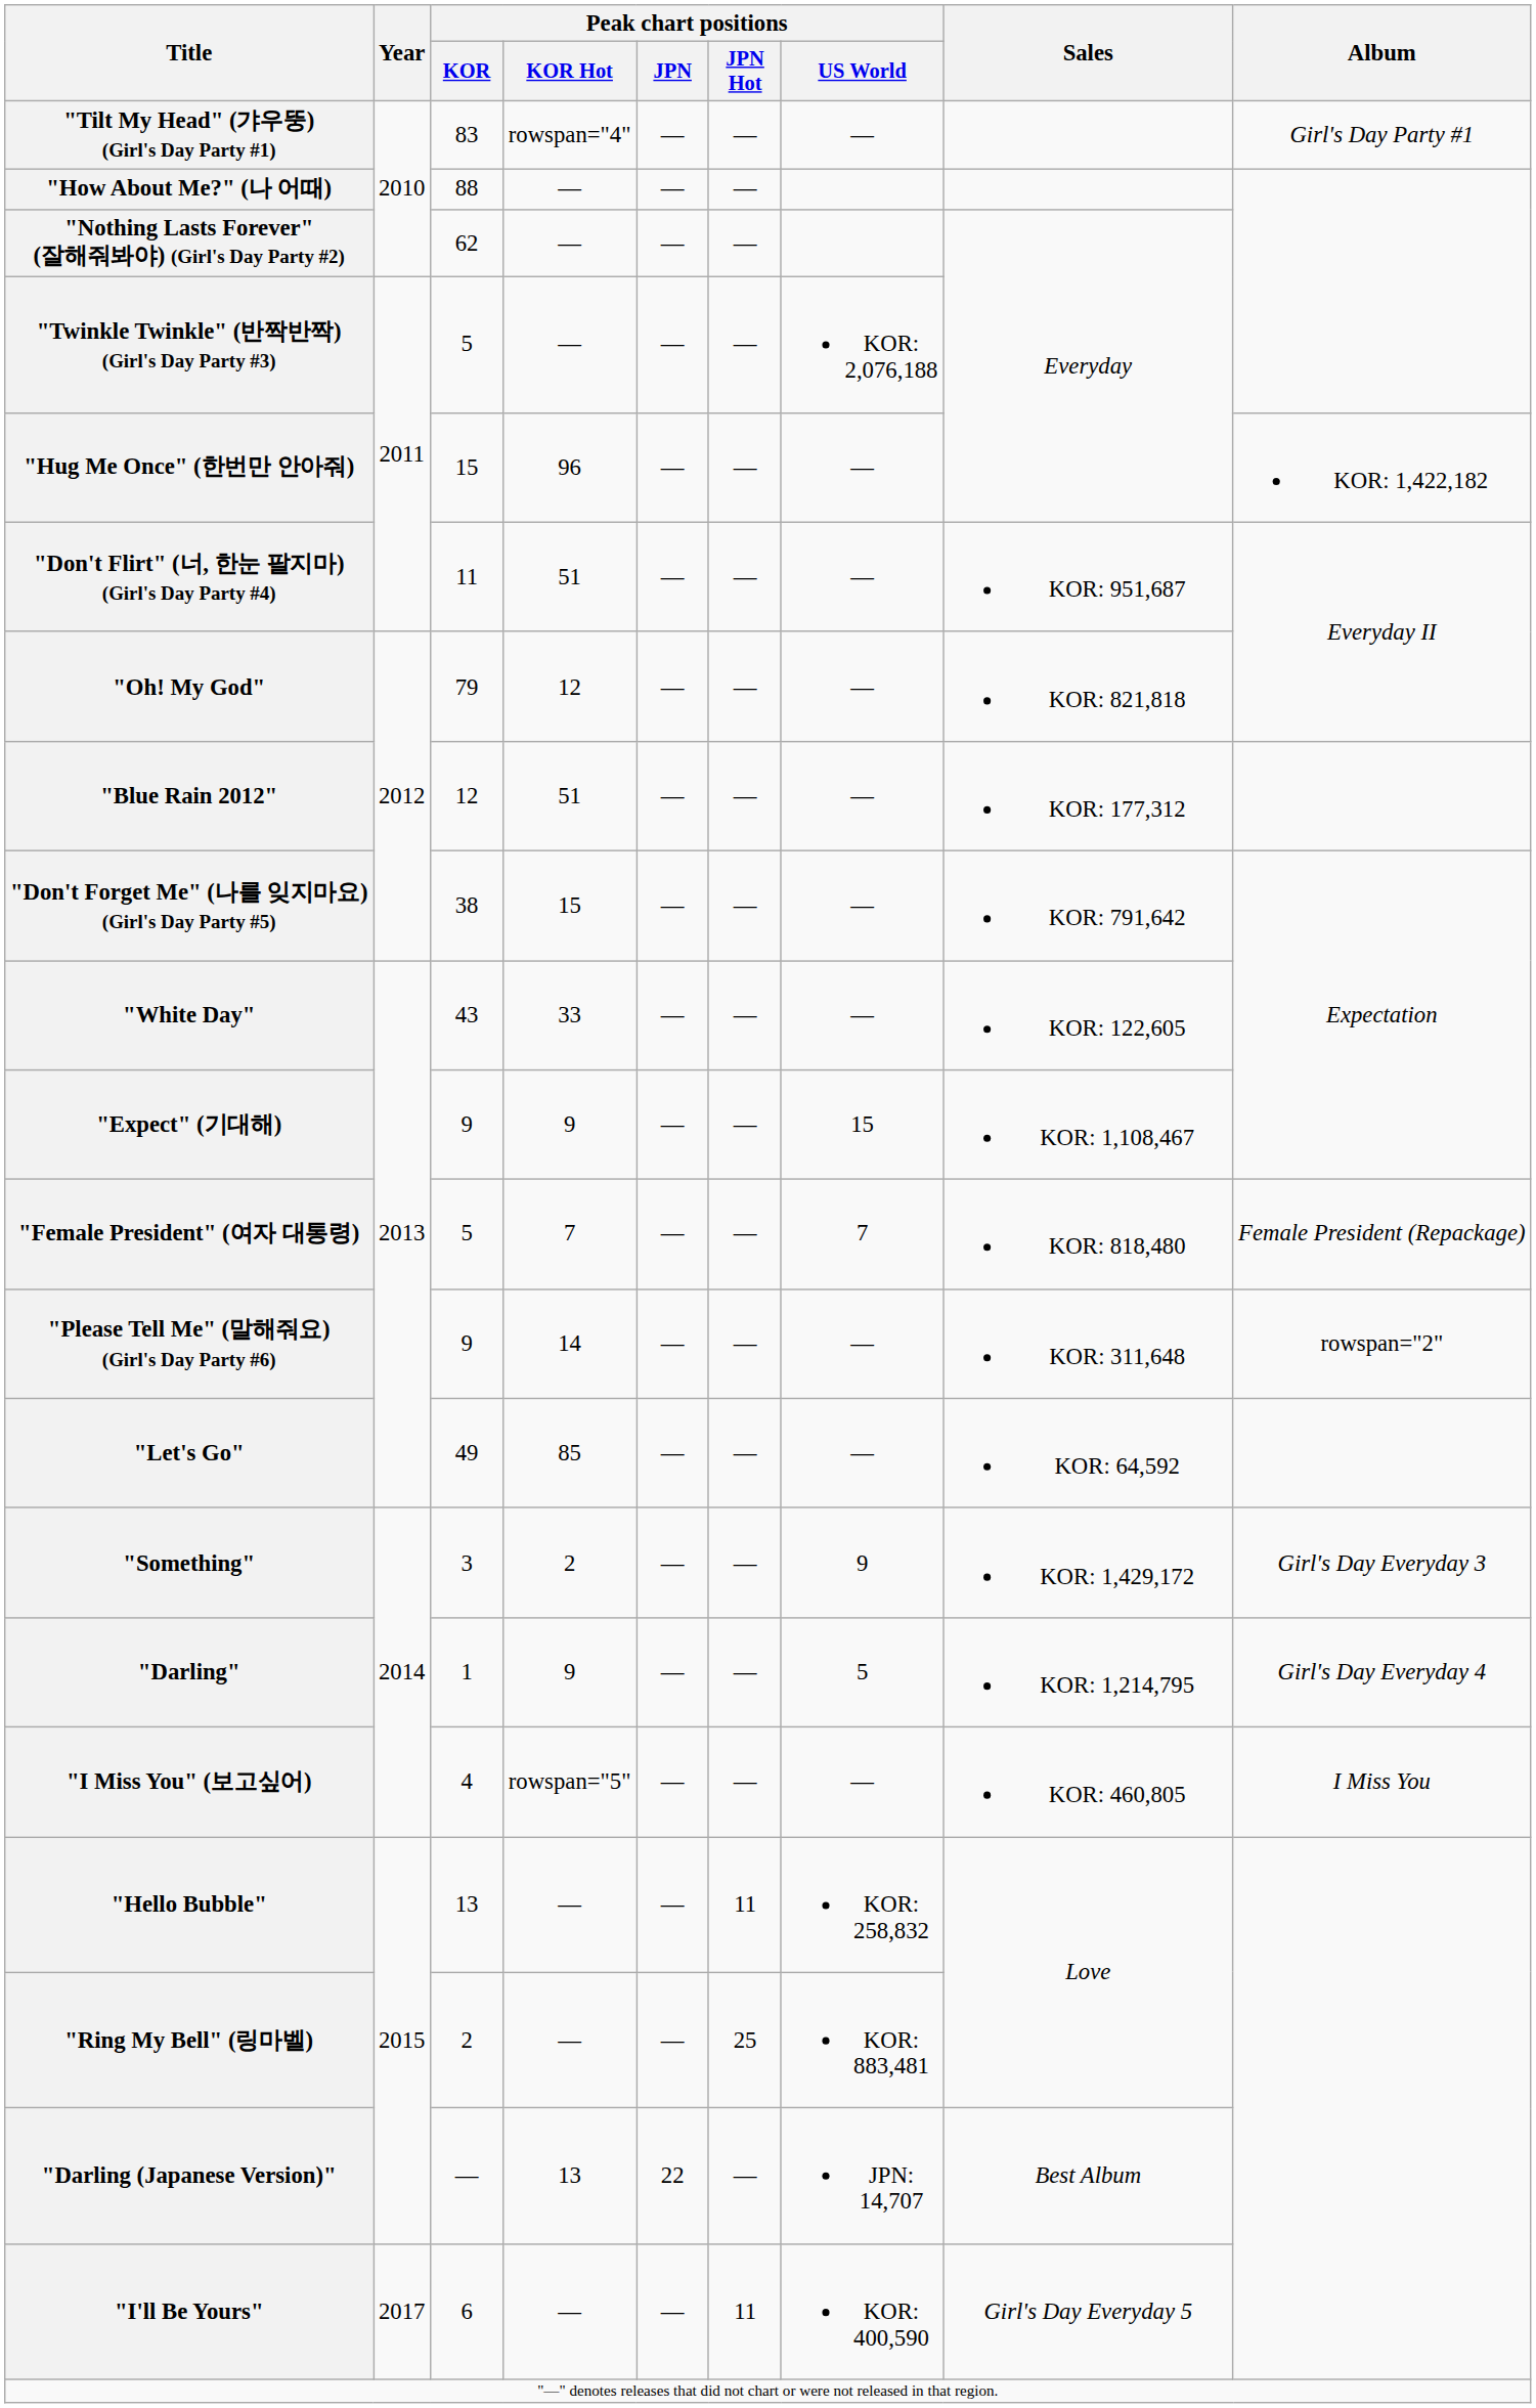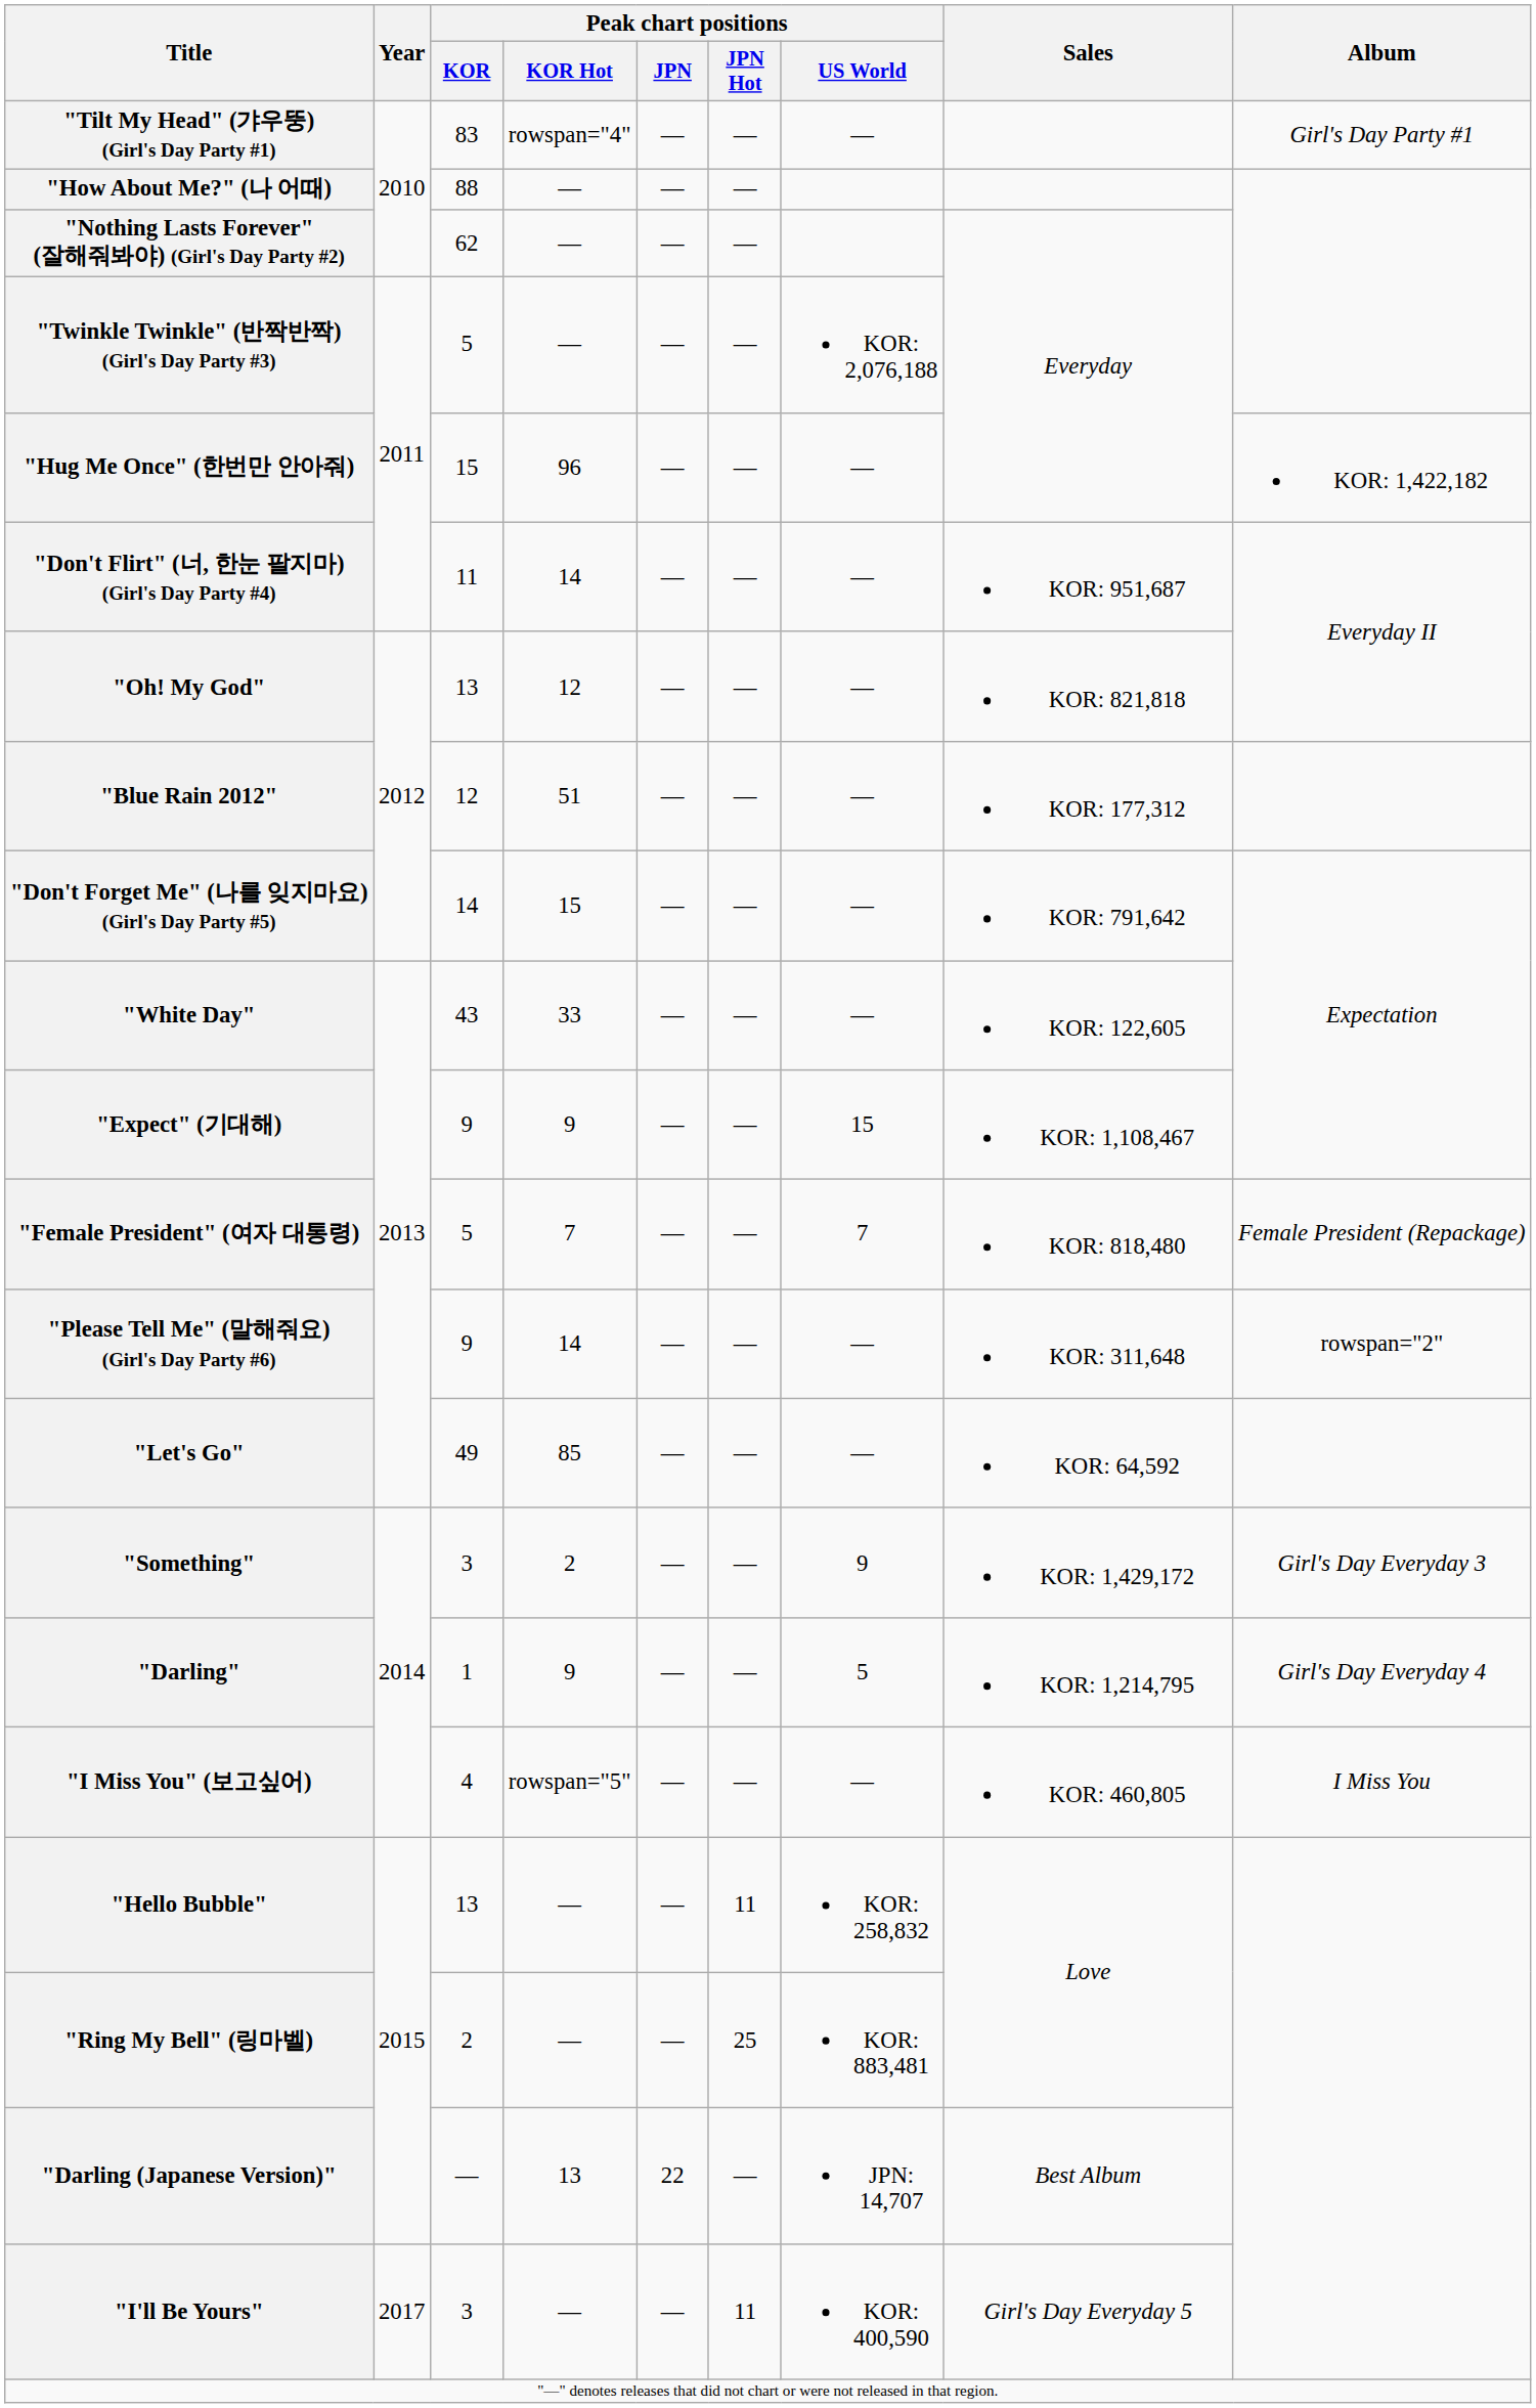 <table class="wikitable plainrowheaders" style="text-align:center;">
 <tr>
 <th scope="col" rowspan="2">Title</th>
 <th scope="col" rowspan="2">Year</th>
 <th scope="col" colspan="5">Peak chart positions</th>
 <th scope="col" rowspan="2" style="width:12em;">Sales</th>
 <th scope="col" rowspan="2">Album</th>
 </tr>
 <tr>
 <th scope="col" style="width:3em;font-size:90%"><a href='#'>KOR</a><br></th>
 <th scope="col" style="width:3em;font-size:90%;"><a href='#'>KOR Hot</a><br></th>
 <th scope="col" style="width:3em;font-size:90%"><a href='#'>JPN</a><br></th>
 <th scope="col" style="width:3em;font-size:90%"><a href='#'>JPN Hot</a><br></th>
 <th scope="col" style="width:3em;font-size:90%"><a href='#'>US World</a><br></th>
 </tr>
 <tr>
 <th scope="row">"Tilt My Head" (갸우뚱)<br><small>(Girl's Day Party #1)</small></th>
 <td rowspan="3">2010</td>
 <td>83</td>
 <td>rowspan="4" </td>
 <td>—</td>
 <td>—</td>
 <td>—</td>
 <td></td>
 <td><em>Girl's Day Party #1</em></td>
 </tr>
 <tr>
 <th scope="row">"How About Me?" (나 어때)</th>
 <td>88</td>
 <td>—</td>
 <td>—</td>
 <td>—</td>
 <td></td>
 <td></td>
 </tr>
 <tr>
 <th scope="row">"Nothing Lasts Forever"<br>(잘해줘봐야) <small>(Girl's Day Party #2)</small></th>
 <td>62</td>
 <td>—</td>
 <td>—</td>
 <td>—</td>
 <td></td>
 <td rowspan="3"><em>Everyday</em></td>
 </tr>
 <tr>
 <th scope="row">"Twinkle Twinkle" (반짝반짝)<br> <small>(Girl's Day Party #3)</small></th>
 <td rowspan="3">2011</td>
 <td>5</td>
 <td>—</td>
 <td>—</td>
 <td>—</td>
 <td><br><ul><li>KOR: 2,076,188</li></ul></td>
 </tr>
 <tr>
 <th scope="row">"Hug Me Once" (한번만 안아줘)</th>
 <td>15</td>
 <td>96</td>
 <td>—</td>
 <td>—</td>
 <td>—</td>
 <td><br><ul><li>KOR: 1,422,182</li></ul></td>
 </tr>
 <tr>
 <th scope="row">"Don't Flirt" (너, 한눈 팔지마)<br><small>(Girl's Day Party #4)</small></th>
 <td>11</td>
-<td>51</td>
+<td>14</td>
 <td>—</td>
 <td>—</td>
 <td>—</td>
 <td><br><ul><li>KOR: 951,687</li></ul></td>
 <td rowspan="2"><em>Everyday II</em></td>
 </tr>
 <tr>
 <th scope="row">"Oh! My God"</th>
 <td rowspan="3">2012</td>
-<td>79</td>
+<td>13</td>
 <td>12</td>
 <td>—</td>
 <td>—</td>
 <td>—</td>
 <td><br><ul><li>KOR: 821,818</li></ul></td>
 </tr>
 <tr>
 <th scope="row">"Blue Rain 2012"</th>
 <td>12</td>
 <td>51</td>
 <td>—</td>
 <td>—</td>
 <td>—</td>
 <td><br><ul><li>KOR: 177,312</li></ul></td>
 <td></td>
 </tr>
 <tr>
 <th scope="row">"Don't Forget Me" (나를 잊지마요)<br> <small>(Girl's Day Party #5)</small></th>
-<td>38</td>
+<td>14</td>
 <td>15</td>
 <td>—</td>
 <td>—</td>
 <td>—</td>
 <td><br><ul><li>KOR: 791,642</li></ul></td>
 <td rowspan="3"><em>Expectation</em></td>
 </tr>
 <tr>
 <th scope="row">"White Day"</th>
 <td rowspan="5">2013</td>
 <td>43</td>
 <td>33</td>
 <td>—</td>
 <td>—</td>
 <td>—</td>
 <td><br><ul><li>KOR: 122,605</li></ul></td>
 </tr>
 <tr>
 <th scope="row">"Expect" (기대해)</th>
 <td>9</td>
 <td>9</td>
 <td>—</td>
 <td>—</td>
 <td>15</td>
 <td><br><ul><li>KOR: 1,108,467</li></ul></td>
 </tr>
 <tr>
 <th scope="row">"Female President" (여자 대통령)</th>
 <td>5</td>
 <td>7</td>
 <td>—</td>
 <td>—</td>
 <td>7</td>
 <td><br><ul><li>KOR: 818,480</li></ul></td>
 <td><em>Female President (Repackage)</em></td>
 </tr>
 <tr>
 <th scope="row">"Please Tell Me" (말해줘요)<br> <small>(Girl's Day Party #6)</small></th>
 <td>9</td>
 <td>14</td>
 <td>—</td>
 <td>—</td>
 <td>—</td>
 <td><br><ul><li>KOR: 311,648</li></ul></td>
 <td>rowspan="2" </td>
 </tr>
 <tr>
 <th scope="row">"Let's Go"</th>
 <td>49</td>
 <td>85</td>
 <td>—</td>
 <td>—</td>
 <td>—</td>
 <td><br><ul><li>KOR: 64,592</li></ul></td>
 </tr>
 <tr>
 <th scope="row">"Something"</th>
 <td rowspan="3">2014</td>
 <td>3</td>
 <td>2</td>
 <td>—</td>
 <td>—</td>
 <td>9</td>
 <td><br><ul><li>KOR: 1,429,172</li></ul></td>
 <td><em>Girl's Day Everyday 3</em></td>
 </tr>
 <tr>
 <th scope="row">"Darling"</th>
 <td>1</td>
 <td>9</td>
 <td>—</td>
 <td>—</td>
 <td>5</td>
 <td><br><ul><li>KOR: 1,214,795</li></ul></td>
 <td><em>Girl's Day Everyday 4</em></td>
 </tr>
 <tr>
 <th scope="row">"I Miss You" (보고싶어)</th>
 <td>4</td>
 <td>rowspan="5" </td>
 <td>—</td>
 <td>—</td>
 <td>—</td>
 <td><br><ul><li>KOR: 460,805</li></ul></td>
 <td><em>I Miss You</em></td>
 </tr>
 <tr>
 <th scope="row">"Hello Bubble"</th>
 <td rowspan="3">2015</td>
 <td>13</td>
 <td>—</td>
 <td>—</td>
 <td>11</td>
 <td><br><ul><li>KOR: 258,832</li></ul></td>
 <td rowspan="2"><em>Love</em></td>
 </tr>
 <tr>
 <th scope="row">"Ring My Bell" (링마벨)</th>
 <td>2</td>
 <td>—</td>
 <td>—</td>
 <td>25</td>
 <td><br><ul><li>KOR: 883,481</li></ul></td>
 </tr>
 <tr>
 <th scope="row">"Darling (Japanese Version)"</th>
 <td>—</td>
 <td>13</td>
 <td>22</td>
 <td>—</td>
 <td><br><ul><li>JPN: 14,707</li></ul></td>
 <td><em>Best Album</em></td>
 </tr>
 <tr>
 <th scope="row">"I'll Be Yours"</th>
 <td>2017</td>
-<td>6</td>
+<td>3</td>
 <td>—</td>
 <td>—</td>
 <td>11</td>
 <td><br><ul><li>KOR: 400,590</li></ul></td>
 <td><em>Girl's Day Everyday 5</em></td>
 </tr>
 <tr>
 <td colspan="9" style="font-size:8pt;">"—" denotes releases that did not chart or were not released in that region.</td>
 </tr>
 </table>
